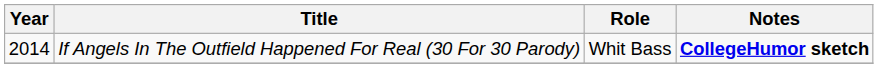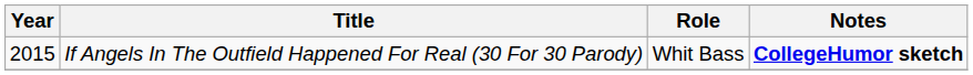 <table class="wikitable sortable plainrowheaders">
 <tr>
 <th scope="col">Year</th>
 <th scope="col">Title</th>
 <th scope="col">Role</th>
 <th scope="col" class="unsortable">Notes</th>
 </tr>
 <tr>
-<td align="center">2014</td>
+<td align="center">2015</td>
 <td scope="row"><em>If Angels In The Outfield Happened For Real (30 For 30 Parody)</em></td>
 <td>Whit Bass</td>
 <td><strong><a href='#'>CollegeHumor</a> sketch</strong></td>
 </tr>
 <tr>
 </tr>
 </table>
